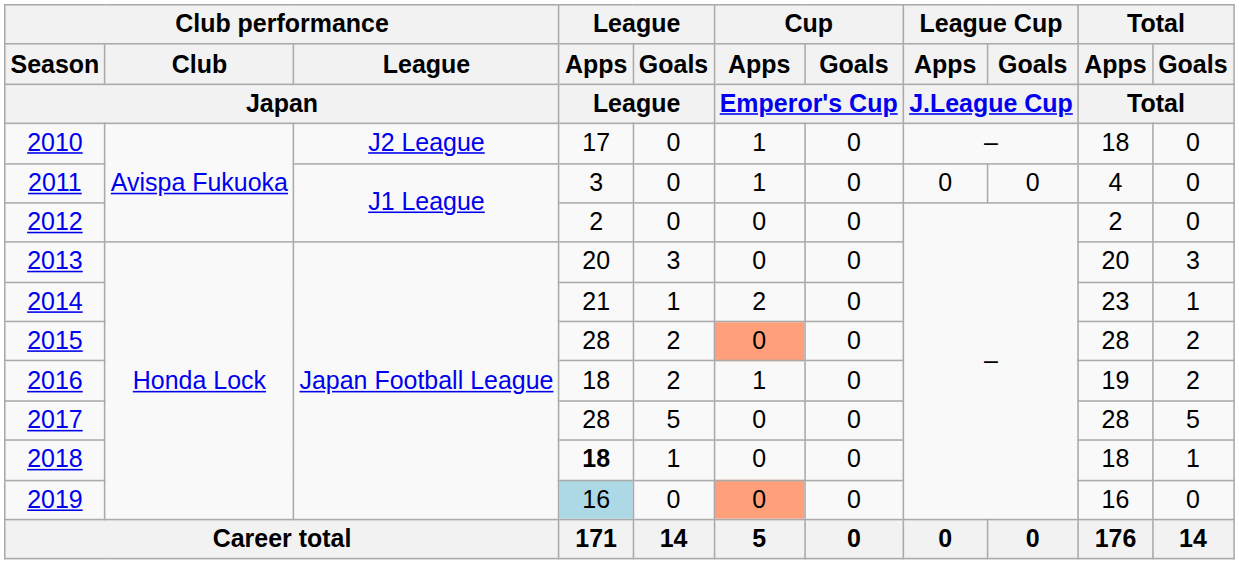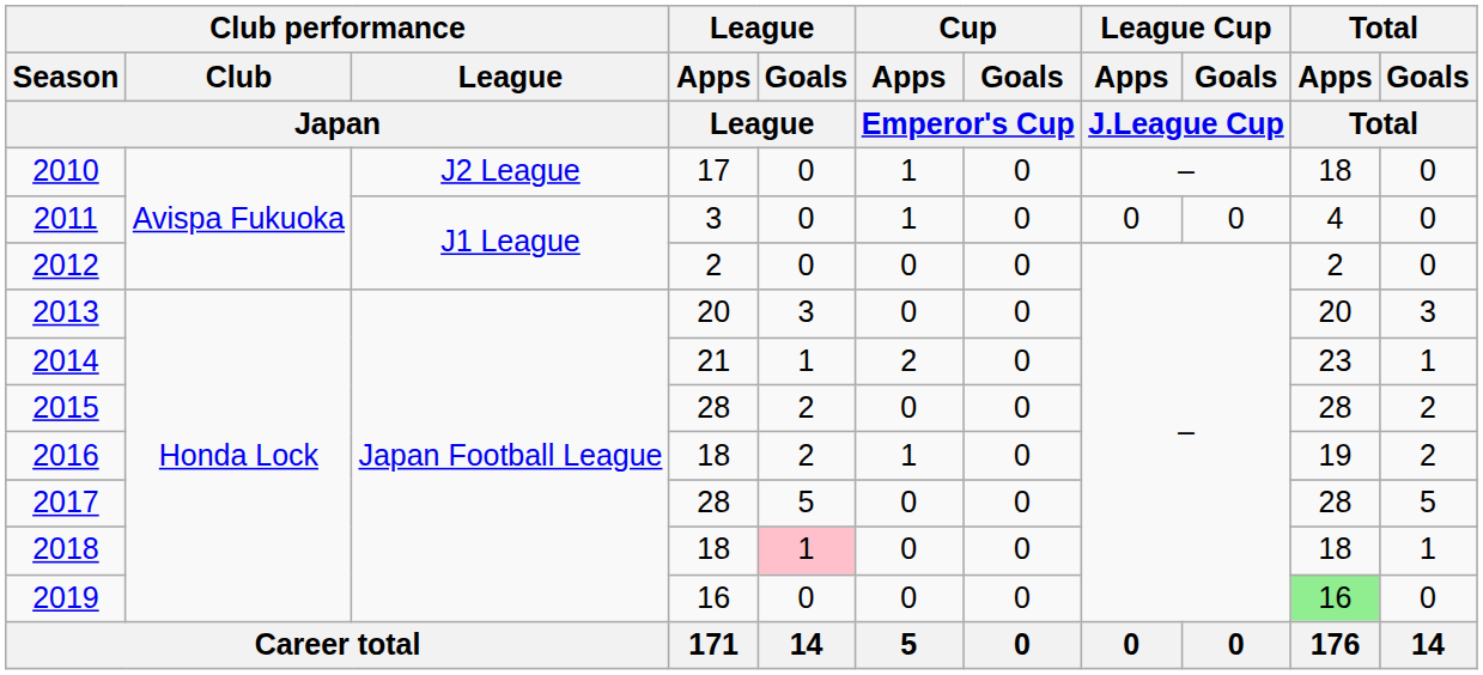 <table class="wikitable" style="text-align:center">
 <tr>
 <th colspan=3>Club performance</th>
 <th colspan=2>League</th>
 <th colspan=2>Cup</th>
 <th colspan=2>League Cup</th>
 <th colspan=2>Total</th>
 </tr>
 <tr>
 <th>Season</th>
 <th>Club</th>
 <th>League</th>
 <th>Apps</th>
 <th>Goals</th>
 <th>Apps</th>
 <th>Goals</th>
 <th>Apps</th>
 <th>Goals</th>
 <th>Apps</th>
 <th>Goals</th>
 </tr>
 <tr>
 <th colspan=3>Japan</th>
 <th colspan=2>League</th>
 <th colspan=2><a href='#'>Emperor's Cup</a></th>
 <th colspan=2><a href='#'>J.League Cup</a></th>
 <th colspan=2>Total</th>
 </tr>
 <tr>
 <td><a href='#'>2010</a></td>
 <td rowspan="3"><a href='#'>Avispa Fukuoka</a></td>
 <td><a href='#'>J2 League</a></td>
 <td>17</td>
 <td>0</td>
 <td>1</td>
 <td>0</td>
 <td colspan="2">–</td>
 <td>18</td>
 <td>0</td>
 </tr>
 <tr>
 <td><a href='#'>2011</a></td>
 <td rowspan="2"><a href='#'>J1 League</a></td>
 <td>3</td>
 <td>0</td>
 <td>1</td>
 <td>0</td>
 <td>0</td>
 <td>0</td>
 <td>4</td>
 <td>0</td>
 </tr>
 <tr>
 <td><a href='#'>2012</a></td>
 <td>2</td>
 <td>0</td>
 <td>0</td>
 <td>0</td>
 <td rowspan="8" colspan="2">–</td>
 <td>2</td>
 <td>0</td>
 </tr>
 <tr>
 <td><a href='#'>2013</a></td>
 <td rowspan="7"><a href='#'>Honda Lock</a></td>
 <td rowspan="7"><a href='#'>Japan Football League</a></td>
 <td>20</td>
 <td>3</td>
 <td>0</td>
 <td>0</td>
 <td>20</td>
 <td>3</td>
 </tr>
 <tr>
 <td><a href='#'>2014</a></td>
 <td>21</td>
 <td>1</td>
 <td>2</td>
 <td>0</td>
 <td>23</td>
 <td>1</td>
 </tr>
 <tr>
 <td><a href='#'>2015</a></td>
 <td>28</td>
 <td>2</td>
-<td style="background: lightsalmon;">0</td>
+<td>0</td>
 <td>0</td>
 <td>28</td>
 <td>2</td>
 </tr>
 <tr>
 <td><a href='#'>2016</a></td>
 <td>18</td>
 <td>2</td>
 <td>1</td>
 <td>0</td>
 <td>19</td>
 <td>2</td>
 </tr>
 <tr>
 <td><a href='#'>2017</a></td>
 <td>28</td>
 <td>5</td>
 <td>0</td>
 <td>0</td>
 <td>28</td>
 <td>5</td>
 </tr>
 <tr>
 <td><a href='#'>2018</a></td>
-<td><strong>18</strong></td>
-<td>1</td>
+<td>18</td>
+<td style="background: pink;">1</td>
 <td>0</td>
 <td>0</td>
 <td>18</td>
 <td>1</td>
 </tr>
 <tr>
 <td><a href='#'>2019</a></td>
-<td style="background: lightblue;">16</td>
+<td>16</td>
 <td>0</td>
-<td style="background: lightsalmon;">0</td>
 <td>0</td>
-<td>16</td>
+<td>0</td>
+<td style="background: lightgreen;">16</td>
 <td>0</td>
 </tr>
 <tr>
 <th colspan=3>Career total</th>
 <th>171</th>
 <th>14</th>
 <th>5</th>
 <th>0</th>
 <th>0</th>
 <th>0</th>
 <th>176</th>
 <th>14</th>
 </tr>
 </table>
